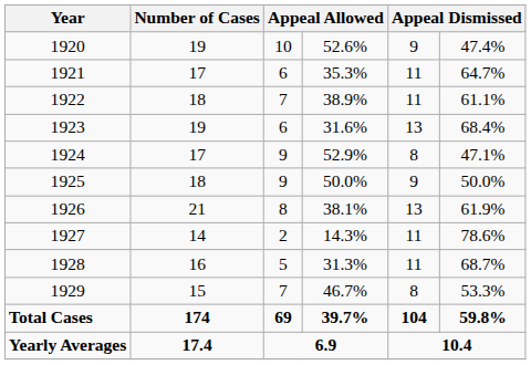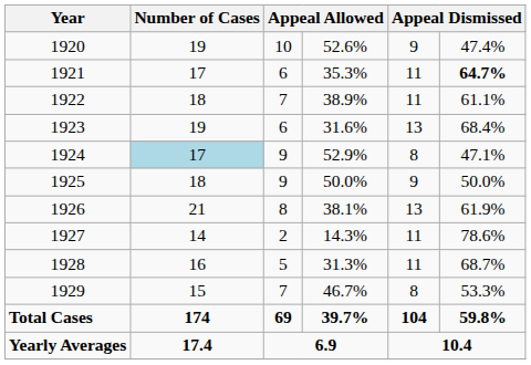 <table class="wikitable sortable">
 <tr>
 <th>Year</th>
 <th>Number of Cases</th>
 <th colspan=2>Appeal Allowed</th>
 <th colspan=2>Appeal Dismissed</th>
 </tr>
 <tr>
 <td style="text-align: center;">1920</td>
 <td style="text-align: center;">19</td>
 <td style="text-align: center;">10</td>
 <td style="text-align: center;">52.6%</td>
 <td style="text-align: center;">9</td>
 <td style="text-align: center;">47.4%</td>
 </tr>
 <tr>
 <td style="text-align: center;">1921</td>
 <td style="text-align: center;">17</td>
 <td style="text-align: center;">6</td>
 <td style="text-align: center;">35.3%</td>
 <td style="text-align: center;">11</td>
-<td style="text-align: center;">64.7%</td>
+<td style="text-align: center;"><strong>64.7%</strong></td>
 </tr>
 <tr>
 <td style="text-align: center;">1922</td>
 <td style="text-align: center;">18</td>
 <td style="text-align: center;">7</td>
 <td style="text-align: center;">38.9%</td>
 <td style="text-align: center;">11</td>
 <td style="text-align: center;">61.1%</td>
 </tr>
 <tr>
 <td style="text-align: center;">1923</td>
 <td style="text-align: center;">19</td>
 <td style="text-align: center;">6</td>
 <td style="text-align: center;">31.6%</td>
 <td style="text-align: center;">13</td>
 <td style="text-align: center;">68.4%</td>
 </tr>
 <tr>
 <td style="text-align: center;">1924</td>
-<td style="text-align: center;">17</td>
+<td style="background: lightblue; text-align: center;">17</td>
 <td style="text-align: center;">9</td>
 <td style="text-align: center;">52.9%</td>
 <td style="text-align: center;">8</td>
 <td style="text-align: center;">47.1%</td>
 </tr>
 <tr>
 <td style="text-align: center;">1925</td>
 <td style="text-align: center;">18</td>
 <td style="text-align: center;">9</td>
 <td style="text-align: center;">50.0%</td>
 <td style="text-align: center;">9</td>
 <td style="text-align: center;">50.0%</td>
 </tr>
 <tr>
 <td style="text-align: center;">1926</td>
 <td style="text-align: center;">21</td>
 <td style="text-align: center;">8</td>
 <td style="text-align: center;">38.1%</td>
 <td style="text-align: center;">13</td>
 <td style="text-align: center;">61.9%</td>
 </tr>
 <tr>
 <td style="text-align: center;">1927</td>
 <td style="text-align: center;">14</td>
 <td style="text-align: center;">2</td>
 <td style="text-align: center;">14.3%</td>
 <td style="text-align: center;">11</td>
 <td style="text-align: center;">78.6%</td>
 </tr>
 <tr>
 <td style="text-align: center;">1928</td>
 <td style="text-align: center;">16</td>
 <td style="text-align: center;">5</td>
 <td style="text-align: center;">31.3%</td>
 <td style="text-align: center;">11</td>
 <td style="text-align: center;">68.7%</td>
 </tr>
 <tr>
 <td style="text-align: center;">1929</td>
 <td style="text-align: center;">15</td>
 <td style="text-align: center;">7</td>
 <td style="text-align: center;">46.7%</td>
 <td style="text-align: center;">8</td>
 <td style="text-align: center;">53.3%</td>
 </tr>
 <tr>
 <td><strong>Total Cases</strong></td>
 <td style="text-align: center;"><strong>174</strong></td>
 <td style="text-align: center;"><strong>69</strong></td>
 <td style="text-align: center;"><strong>39.7%</strong></td>
 <td style="text-align: center;"><strong>104</strong></td>
 <td style="text-align: center;"><strong>59.8%</strong></td>
 </tr>
 <tr>
 <td><strong>Yearly Averages</strong></td>
 <td style="text-align: center;"><strong>17.4</strong></td>
 <td colspan=2 style="text-align: center;"><strong>6.9</strong></td>
 <td colspan=2 style="text-align: center;"><strong>10.4</strong></td>
 </tr>
 <tr>
 </tr>
 </table>
